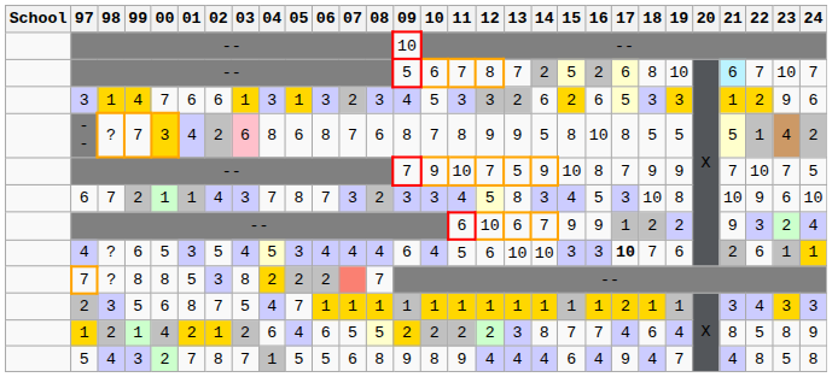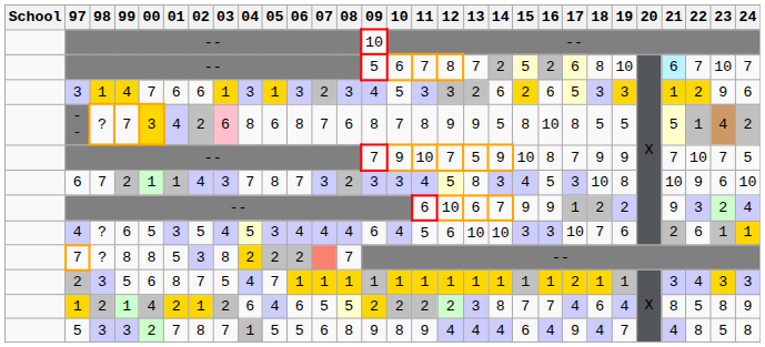 <table class=wikitable>
 <tr>
 <th>School</th>
 <th>97</th>
 <th>98</th>
 <th>99</th>
 <th>00</th>
 <th>01</th>
 <th>02</th>
 <th>03</th>
 <th>04</th>
 <th>05</th>
 <th>06</th>
 <th>07</th>
 <th>08</th>
 <th>09</th>
 <th>10</th>
 <th>11</th>
 <th>12</th>
 <th>13</th>
 <th>14</th>
 <th>15</th>
 <th>16</th>
 <th>17</th>
 <th>18</th>
 <th>19</th>
 <th>20</th>
 <th>21</th>
 <th>22</th>
 <th>23</th>
 <th>24</th>
 </tr>
 <tr align=center>
 <td align=left><strong></strong></td>
 <td bgcolor=gray colspan=12>--</td>
 <td style="border: 2px solid red;">10</td>
 <td bgcolor=gray colspan=15>--</td>
 </tr>
 <tr align=center>
 <td align=left><strong></strong></td>
 <td bgcolor=gray colspan=12>--</td>
 <td style="border: 2px solid red;">5</td>
 <td style="border: 2px solid orange;">6</td>
 <td style="border: 2px solid orange;">7</td>
 <td style="border: 2px solid orange;">8</td>
 <td>7</td>
 <td bgcolor="silver">2</td>
 <td bgcolor=FFFFCC>5</td>
 <td bgcolor="silver">2</td>
 <td bgcolor=FFFFCC>6</td>
 <td>8</td>
 <td>10</td>
 <td bgcolor=53565a rowspan=7>X</td>
 <td bgcolor=BBF3FF>6</td>
 <td>7</td>
 <td>10</td>
 <td>7</td>
 </tr>
 <tr align=center>
 <td align=left><strong></strong></td>
 <td bgcolor=#CCCCFF>3</td>
 <td bgcolor=gold>1</td>
 <td bgcolor=gold>4</td>
 <td>7</td>
 <td>6</td>
 <td>6</td>
 <td bgcolor=gold>1</td>
 <td bgcolor=ccccff>3</td>
 <td bgcolor=gold>1</td>
 <td bgcolor=ccccff>3</td>
 <td bgcolor=silver>2</td>
 <td bgcolor=ccccff>3</td>
 <td bgcolor=ccccff>4</td>
 <td>5</td>
 <td bgcolor=ccccff>3</td>
 <td bgcolor=silver>3</td>
 <td bgcolor=silver>2</td>
 <td>6</td>
 <td bgcolor=gold>2</td>
 <td>6</td>
 <td bgcolor=FFFFCC>5</td>
 <td bgcolor=CCCCFF>3</td>
 <td bgcolor=gold>3</td>
 <td bgcolor=gold>1</td>
 <td bgcolor=gold>2</td>
 <td>9</td>
 <td>6</td>
 </tr>
 <tr align=center>
 <td align=left><strong></strong></td>
 <td bgcolor=gray>--</td>
 <td style="border: 2px solid orange;">?</td>
 <td style="border: 2px solid orange;">7</td>
 <td style="border: 2px solid orange;" bgcolor=gold>3</td>
 <td bgcolor=ccccff>4</td>
 <td bgcolor=silver>2</td>
 <td style="background: pink;">6</td>
 <td>8</td>
 <td>6</td>
 <td>8</td>
 <td>7</td>
 <td>6</td>
 <td>8</td>
 <td>7</td>
 <td>8</td>
 <td>9</td>
 <td>9</td>
 <td>5</td>
 <td>8</td>
 <td>10</td>
 <td>8</td>
 <td>5</td>
 <td>5</td>
 <td bgcolor=FFFFCC>5</td>
 <td bgcolor=silver>1</td>
 <td bgcolor=#c96>4</td>
 <td bgcolor=silver>2</td>
 </tr>
 <tr align=center>
 <td align=left><strong></strong></td>
 <td bgcolor=gray colspan=12>--</td>
 <td style="border: 2px solid red;">7</td>
 <td style="border: 2px solid orange;">9</td>
 <td style="border: 2px solid orange;">10</td>
 <td style="border: 2px solid orange;">7</td>
 <td style="border: 2px solid orange;">5</td>
 <td style="border: 2px solid orange;">9</td>
 <td>10</td>
 <td>8</td>
 <td>7</td>
 <td>9</td>
 <td>9</td>
 <td>7</td>
 <td>10</td>
 <td>7</td>
 <td>5</td>
 </tr>
 <tr align=center>
 <td align=left><strong></strong></td>
 <td>6</td>
 <td>7</td>
 <td bgcolor=silver>2</td>
 <td bgcolor=CCFFCC>1</td>
 <td bgcolor=silver>1</td>
 <td bgcolor=ccccff>4</td>
 <td bgcolor=ccccff>3</td>
 <td>7</td>
 <td>8</td>
 <td>7</td>
 <td bgcolor=ccccff>3</td>
 <td bgcolor=silver>2</td>
 <td bgcolor=ccccff>3</td>
 <td bgcolor=CCCCFF>3</td>
 <td bgcolor=CCCCFF>4</td>
 <td bgcolor=FFFFCC>5</td>
 <td>8</td>
 <td bgcolor=CCCCFF>3</td>
 <td bgcolor=CCCCFF>4</td>
 <td>5</td>
 <td bgcolor=ccccff>3</td>
 <td>10</td>
 <td>8</td>
 <td>10</td>
 <td>9</td>
 <td>6</td>
 <td>10</td>
 </tr>
 <tr align=center>
 <td align=left><strong></strong></td>
 <td bgcolor=gray colspan=14>--</td>
 <td style="border: 2px solid red;">6</td>
 <td style="border: 2px solid orange;">10</td>
 <td style="border: 2px solid orange;">6</td>
 <td style="border: 2px solid orange;">7</td>
 <td>9</td>
 <td>9</td>
 <td bgcolor=silver>1</td>
 <td bgcolor=silver>2</td>
 <td bgcolor=ccccff>2</td>
 <td>9</td>
 <td bgcolor=ccccff>3</td>
 <td bgcolor=CCFFCC>2</td>
 <td bgcolor=CCCCFF>4</td>
 </tr>
 <tr align=center>
 <td align=left><strong></strong></td>
 <td bgcolor=CCCCFF>4</td>
 <td>?</td>
 <td>6</td>
 <td>5</td>
 <td bgcolor=ccccff>3</td>
 <td>5</td>
 <td bgcolor=ccccff>4</td>
 <td bgcolor=FFFFCC>5</td>
 <td bgcolor=ccccff>3</td>
 <td bgcolor=ccccff>4</td>
 <td bgcolor=ccccff>4</td>
 <td bgcolor=ccccff>4</td>
 <td>6</td>
 <td bgcolor=CCCCFF>4</td>
 <td>5</td>
 <td>6</td>
 <td>10</td>
 <td>10</td>
 <td bgcolor=CCCCFF>3</td>
 <td bgcolor=CCCCFF>3</td>
-<td><strong>10</strong></td>
+<td>10</td>
 <td>7</td>
 <td>6</td>
 <td bgcolor=silver>2</td>
 <td>6</td>
 <td bgcolor=silver>1</td>
 <td bgcolor=gold>1</td>
 </tr>
 <tr align=center>
 <td align=left><strong></strong></td>
 <td style="border: 2px solid orange;">7</td>
 <td>?</td>
 <td>8</td>
 <td>8</td>
 <td>5</td>
 <td bgcolor=ccccff>3</td>
 <td>8</td>
 <td bgcolor=gold>2</td>
 <td bgcolor=silver>2</td>
 <td bgcolor=silver>2</td>
 <td bgcolor=salmon></td>
 <td>7</td>
 <td bgcolor=gray colspan=16>--</td>
 </tr>
 <tr align=center>
 <td align=left><strong></strong></td>
 <td bgcolor=silver>2</td>
 <td bgcolor=ccccff>3</td>
 <td>5</td>
 <td>6</td>
 <td>8</td>
 <td>7</td>
 <td>5</td>
 <td bgcolor=ccccff>4</td>
 <td>7</td>
 <td bgcolor=gold>1</td>
 <td bgcolor=gold>1</td>
 <td bgcolor=gold>1</td>
 <td bgcolor=silver>1</td>
 <td bgcolor=gold>1</td>
 <td bgcolor=gold>1</td>
 <td bgcolor=gold>1</td>
 <td bgcolor=gold>1</td>
 <td bgcolor=gold>1</td>
 <td bgcolor=silver>1</td>
 <td bgcolor=gold>1</td>
 <td bgcolor=gold>2</td>
 <td bgcolor=gold>1</td>
 <td bgcolor=silver>1</td>
 <td bgcolor=53565a rowspan=3>X</td>
 <td bgcolor=CCCCFF>3</td>
 <td bgcolor=CCCCFF>4</td>
 <td bgcolor=gold>3</td>
 <td bgcolor=CCCCFF>3</td>
 </tr>
 <tr align=center>
 <td align=left><strong></strong></td>
 <td bgcolor=gold>1</td>
 <td bgcolor=silver>2</td>
 <td bgcolor=CCFFCC>1</td>
 <td bgcolor=silver>4</td>
 <td bgcolor=gold>2</td>
 <td bgcolor=gold>1</td>
 <td bgcolor=silver>2</td>
 <td>6</td>
 <td bgcolor=ccccff>4</td>
 <td>6</td>
 <td>5</td>
 <td bgcolor=FFFFCC>5</td>
 <td bgcolor=gold>2</td>
 <td bgcolor=silver>2</td>
 <td bgcolor=silver>2</td>
 <td bgcolor=CCFFCC>2</td>
 <td bgcolor=CCCCFF>3</td>
 <td>8</td>
 <td>7</td>
 <td>7</td>
 <td bgcolor=ccccff>4</td>
 <td>6</td>
 <td bgcolor=ccccff>4</td>
 <td>8</td>
 <td>5</td>
 <td>8</td>
 <td>9</td>
 </tr>
 <tr align=center>
 <td align=left><strong></strong></td>
 <td>5</td>
-<td bgcolor=ccccff>4</td>
+<td bgcolor=ccccff>3</td>
 <td bgcolor=ccccff>3</td>
 <td bgcolor=CCFFCC>2</td>
 <td>7</td>
 <td>8</td>
 <td>7</td>
 <td bgcolor=silver>1</td>
 <td>5</td>
 <td>5</td>
 <td>6</td>
 <td>8</td>
 <td>9</td>
 <td>8</td>
 <td>9</td>
 <td bgcolor=CCCCFF>4</td>
 <td bgcolor=CCCCFF>4</td>
 <td bgcolor=CCCCFF>4</td>
 <td>6</td>
 <td bgcolor=CCCCFF>4</td>
 <td>9</td>
 <td bgcolor=CCCCFF>4</td>
 <td>7</td>
 <td bgcolor=ccccff>4</td>
 <td>8</td>
 <td>5</td>
 <td>8</td>
 </tr>
 </table>
